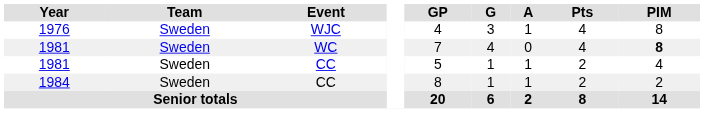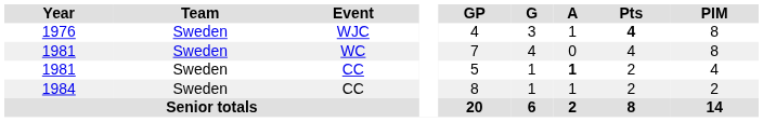 <table border="0" cellpadding="1" cellspacing="0" style="text-align:center; width:50em">
 <tr ALIGN="center" bgcolor="#e0e0e0">
 <th>Year</th>
 <th>Team</th>
 <th>Event</th>
 <th rowspan="99" bgcolor="#ffffff"> </th>
 <th>GP</th>
 <th>G</th>
 <th>A</th>
 <th>Pts</th>
 <th>PIM</th>
 </tr>
 <tr>
 <td><a href='#'>1976</a></td>
 <td><a href='#'>Sweden</a></td>
 <td><a href='#'>WJC</a></td>
 <td>4</td>
 <td>3</td>
 <td>1</td>
-<td>4</td>
+<td><strong>4</strong></td>
 <td>8</td>
 </tr>
 <tr bgcolor="#f0f0f0">
 <td><a href='#'>1981</a></td>
 <td><a href='#'>Sweden</a></td>
 <td><a href='#'>WC</a></td>
 <td>7</td>
 <td>4</td>
 <td>0</td>
 <td>4</td>
-<td><strong>8</strong></td>
+<td>8</td>
 </tr>
 <tr>
 <td><a href='#'>1981</a></td>
 <td>Sweden</td>
 <td><a href='#'>CC</a></td>
 <td>5</td>
 <td>1</td>
-<td>1</td>
+<td><strong>1</strong></td>
 <td>2</td>
 <td>4</td>
 </tr>
 <tr bgcolor="#f0f0f0">
 <td><a href='#'>1984</a></td>
 <td>Sweden</td>
 <td>CC</td>
 <td>8</td>
 <td>1</td>
 <td>1</td>
 <td>2</td>
 <td>2</td>
 </tr>
 <tr bgcolor="#e0e0e0">
 <th colspan="3">Senior totals</th>
 <th>20</th>
 <th>6</th>
 <th>2</th>
 <th>8</th>
 <th>14</th>
 </tr>
 </table>
